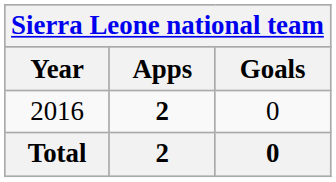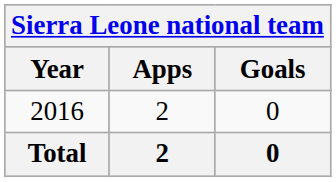 <table class="wikitable" style="text-align:center">
 <tr>
 <th colspan=3><a href='#'>Sierra Leone national team</a></th>
 </tr>
 <tr>
 <th>Year</th>
 <th>Apps</th>
 <th>Goals</th>
 </tr>
 <tr>
 <td>2016</td>
-<td><strong>2</strong></td>
+<td>2</td>
 <td>0</td>
 </tr>
 <tr>
 <th>Total</th>
 <th>2</th>
 <th>0</th>
 </tr>
 </table>
